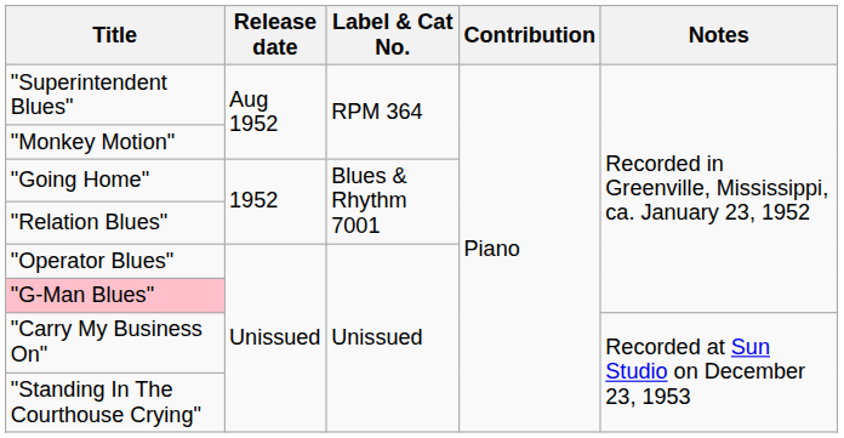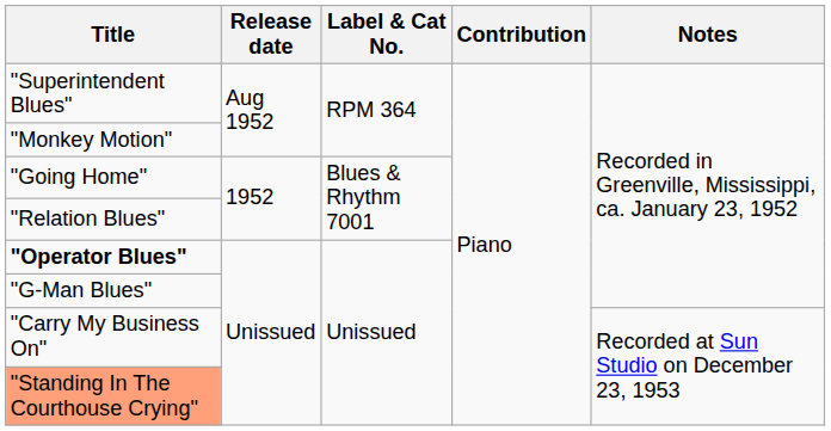 <table class="wikitable">
 <tr>
 <th>Title</th>
 <th>Release<br>date</th>
 <th>Label & Cat No.</th>
 <th>Contribution</th>
 <th>Notes</th>
 </tr>
 <tr>
 <td>"Superintendent Blues"</td>
 <td rowspan="2">Aug 1952<br></td>
 <td rowspan="2">RPM 364</td>
 <td rowspan="8">Piano</td>
 <td rowspan="6">Recorded in Greenville, Mississippi, ca. January 23, 1952</td>
 </tr>
 <tr>
 <td>"Monkey Motion"</td>
 </tr>
 <tr>
 <td>"Going Home"</td>
 <td rowspan="2">1952</td>
 <td rowspan="2">Blues & Rhythm 7001</td>
 </tr>
 <tr>
 <td>"Relation Blues"</td>
 </tr>
 <tr>
-<td>"Operator Blues"</td>
+<td><strong>"Operator Blues"</strong></td>
 <td rowspan="4">Unissued</td>
 <td rowspan="4">Unissued</td>
 </tr>
 <tr>
-<td style="background: pink;">"G-Man Blues"</td>
+<td>"G-Man Blues"</td>
 </tr>
 <tr>
 <td>"Carry My Business On"</td>
 <td rowspan="2">Recorded at <a href='#'>Sun Studio</a> on December 23, 1953</td>
 </tr>
 <tr>
-<td>"Standing In The Courthouse Crying"</td>
+<td style="background: lightsalmon;">"Standing In The Courthouse Crying"</td>
 </tr>
 </table>
